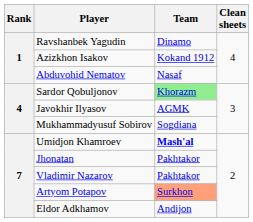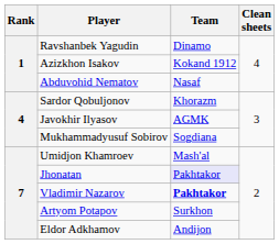 <table class="wikitable" style="text-align:center">
 <tr>
 <th>Rank</th>
 <th>Player</th>
 <th>Team</th>
 <th>Clean<br>sheets</th>
 </tr>
 <tr>
 <th rowspan="3">1</th>
 <td align="left"> Ravshanbek Yagudin</td>
 <td align="left"><a href='#'>Dinamo</a></td>
 <td rowspan="3">4</td>
 </tr>
 <tr>
 <td align="left"> Azizkhon Isakov</td>
 <td align="left"><a href='#'>Kokand 1912</a></td>
 </tr>
 <tr>
 <td align="left"> <a href='#'>Abduvohid Nematov</a></td>
 <td align="left"><a href='#'>Nasaf</a></td>
 </tr>
 <tr>
 <th rowspan="3">4</th>
 <td align="left"> Sardor Qobuljonov</td>
-<td align="left" style="background: lightgreen;"><a href='#'>Khorazm</a></td>
+<td align="left"><a href='#'>Khorazm</a></td>
 <td rowspan="3">3</td>
 </tr>
 <tr>
 <td align="left"> Javokhir Ilyasov</td>
 <td align="left"><a href='#'>AGMK</a></td>
 </tr>
 <tr>
 <td align="left"> Mukhammadyusuf Sobirov</td>
 <td align="left"><a href='#'>Sogdiana</a></td>
 </tr>
 <tr>
 <th rowspan="5">7</th>
 <td align="left"> Umidjon Khamroev</td>
-<td align="left"><strong><a href='#'>Mash'al</a></strong></td>
+<td align="left"><a href='#'>Mash'al</a></td>
 <td rowspan="5">2</td>
 </tr>
 <tr>
 <td align="left"> <a href='#'>Jhonatan</a></td>
-<td align="left"><a href='#'>Pakhtakor</a></td>
+<td align="left" style="background: lavender;"><a href='#'>Pakhtakor</a></td>
 </tr>
 <tr>
 <td align="left"> <a href='#'>Vladimir Nazarov</a></td>
-<td align="left"><a href='#'>Pakhtakor</a></td>
+<td align="left"><strong><a href='#'>Pakhtakor</a></strong></td>
 </tr>
 <tr>
 <td align="left"> <a href='#'>Artyom Potapov</a></td>
-<td align="left" style="background: lightsalmon;"><a href='#'>Surkhon</a></td>
+<td align="left"><a href='#'>Surkhon</a></td>
 </tr>
 <tr>
 <td align="left"> Eldor Adkhamov</td>
 <td align="left"><a href='#'>Andijon</a></td>
 </tr>
 </table>
